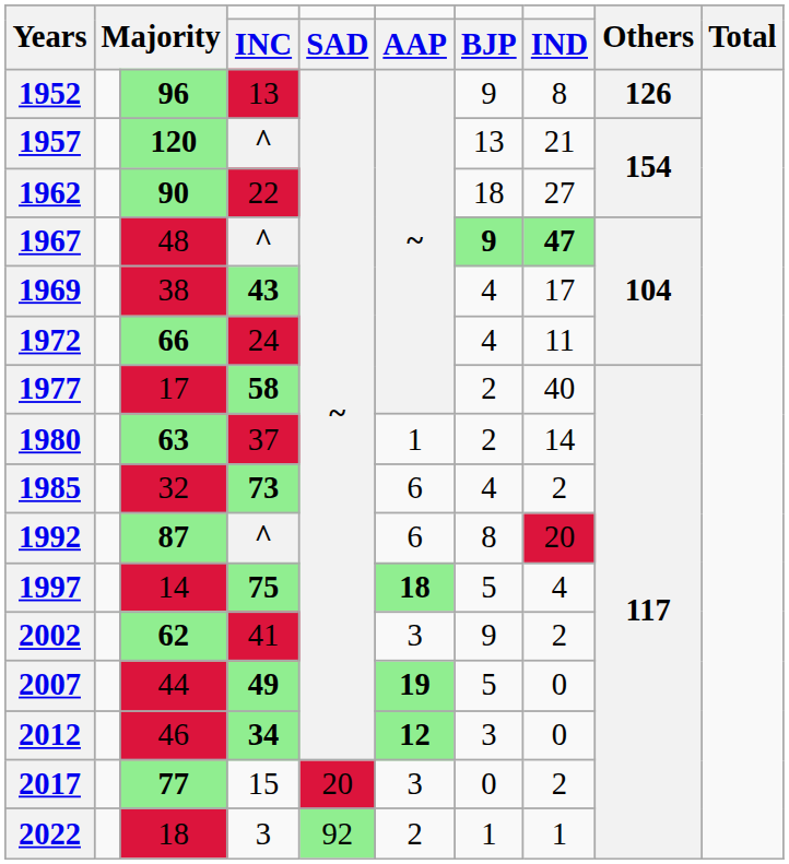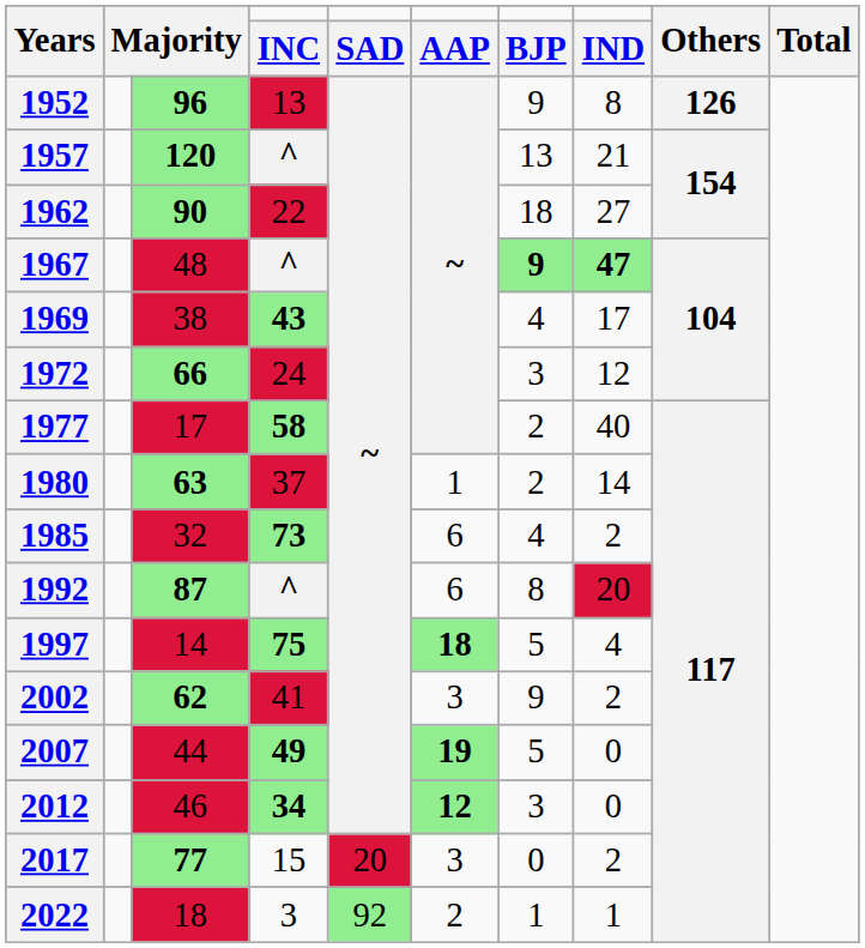 <table class="wikitable" style="text-align:center">
 <tr>
 <th rowspan=2>Years</th>
 <th rowspan=2  colspan=2>Majority</th>
 <td></td>
 <td></td>
 <td></td>
 <td style="background:"></td>
 <td></td>
 <th rowspan=2>Others</th>
 <th rowspan=2>Total</th>
 </tr>
 <tr>
 <th><a href='#'>INC</a></th>
 <th><a href='#'>SAD</a></th>
 <th><a href='#'>AAP</a></th>
 <th><a href='#'>BJP</a></th>
 <th><a href='#'>IND</a></th>
 </tr>
 <tr>
 <th><a href='#'>1952</a></th>
 <td></td>
 <td style="background:lightgreen;"><strong>96</strong></td>
 <td style="background:crimson;">13</td>
 <th rowspan=14>~</th>
 <th rowspan=7>~</th>
 <td>9</td>
 <td>8</td>
 <th>126</th>
 </tr>
 <tr>
 <th><a href='#'>1957</a></th>
 <td></td>
 <td style="background:lightgreen;"><strong>120</strong></td>
 <th>^</th>
 <td>13</td>
 <td>21</td>
 <th rowspan=2>154</th>
 </tr>
 <tr>
 <th><a href='#'>1962</a></th>
 <td></td>
 <td style="background:lightgreen;"><strong>90</strong></td>
 <td style="background:crimson;">22</td>
 <td>18</td>
 <td>27</td>
 </tr>
 <tr>
 <th><a href='#'>1967</a></th>
 <td></td>
 <td style="background:crimson;">48</td>
 <th>^</th>
 <td style="background:lightgreen;"><strong>9</strong></td>
 <td style="background:lightgreen;"><strong>47</strong></td>
 <th rowspan=3>104</th>
 </tr>
 <tr>
 <th><a href='#'>1969</a></th>
 <td></td>
 <td style="background:crimson;">38</td>
 <td style="background:lightgreen;"><strong>43</strong></td>
 <td>4</td>
 <td>17</td>
 </tr>
 <tr>
 <th><a href='#'>1972</a></th>
 <td></td>
 <td style="background:lightgreen;"><strong>66</strong></td>
 <td style="background:crimson;">24</td>
-<td>4</td>
-<td>11</td>
+<td>3</td>
+<td>12</td>
 </tr>
 <tr>
 <th><a href='#'>1977</a></th>
 <td></td>
 <td style="background:crimson;">17</td>
 <td style="background:lightgreen;"><strong>58</strong></td>
 <td>2</td>
 <td>40</td>
 <th rowspan="10">117</th>
 </tr>
 <tr>
 <th><a href='#'>1980</a></th>
 <td></td>
 <td style="background:lightgreen;"><strong>63</strong></td>
 <td style="background:crimson;">37</td>
 <td>1</td>
 <td>2</td>
 <td>14</td>
 </tr>
 <tr>
 <th><a href='#'>1985</a></th>
 <td></td>
 <td style="background:crimson;">32</td>
 <td style="background:lightgreen;"><strong>73</strong></td>
 <td>6</td>
 <td>4</td>
 <td>2</td>
 </tr>
 <tr>
 <th><a href='#'>1992</a></th>
 <td></td>
 <td style="background:lightgreen;"><strong>87</strong></td>
 <th>^</th>
 <td>6</td>
 <td>8</td>
 <td style="background:crimson;">20</td>
 </tr>
 <tr>
 <th><a href='#'>1997</a></th>
 <td></td>
 <td style="background:crimson;">14</td>
 <td style="background:lightgreen;"><strong>75</strong></td>
 <td style="background:lightgreen;"><strong>18</strong></td>
 <td>5</td>
 <td>4</td>
 </tr>
 <tr>
 <th><a href='#'>2002</a></th>
 <td></td>
 <td style="background:lightgreen;"><strong>62</strong></td>
 <td style="background:crimson;">41</td>
 <td>3</td>
 <td>9</td>
 <td>2</td>
 </tr>
 <tr>
 <th><a href='#'>2007</a></th>
 <td></td>
 <td style="background:crimson;">44</td>
 <td style="background:lightgreen;"><strong>49</strong></td>
 <td style="background:lightgreen;"><strong>19</strong></td>
 <td>5</td>
 <td>0</td>
 </tr>
 <tr>
 <th><a href='#'>2012</a></th>
 <td></td>
 <td style="background:crimson;">46</td>
 <td style="background:lightgreen;"><strong>34</strong></td>
 <td style="background:lightgreen;"><strong>12</strong></td>
 <td>3</td>
 <td>0</td>
 </tr>
 <tr>
 <th><a href='#'>2017</a></th>
 <td></td>
 <td style="background:lightgreen;"><strong>77</strong></td>
 <td>15</td>
 <td style="background:crimson;">20</td>
 <td>3</td>
 <td>0</td>
 <td>2</td>
 </tr>
 <tr>
 <th><a href='#'>2022</a></th>
 <td></td>
 <td style="background:crimson;">18</td>
 <td>3</td>
 <td style="background:lightgreen;">92</td>
 <td>2</td>
 <td>1</td>
 <td>1</td>
 </tr>
 </table>
